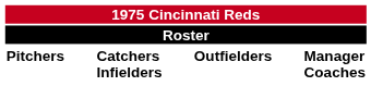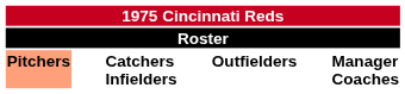 <table class="toccolours" style="font-size: 95%;">
 <tr>
 <th colspan="10" style="background-color: #c6011f; color: white; text-align: center;">1975 Cincinnati Reds</th>
 </tr>
 <tr>
 <td colspan="10" style="background-color: black; color: white; text-align: center;"><strong>Roster</strong></td>
 </tr>
 <tr>
-<td valign="top"><strong>Pitchers</strong><br>           </td>
+<td valign="top" style="background: lightsalmon;"><strong>Pitchers</strong><br>           </td>
 <td width="25px"></td>
 <td valign="top"><strong>Catchers</strong><br>   <strong>Infielders</strong>         </td>
 <td width="25px"></td>
 <td valign="top"><strong>Outfielders</strong><br>    </td>
 <td width="25px"></td>
 <td valign="top"><strong>Manager</strong><br> <strong>Coaches</strong>    </td>
 </tr>
 </table>
